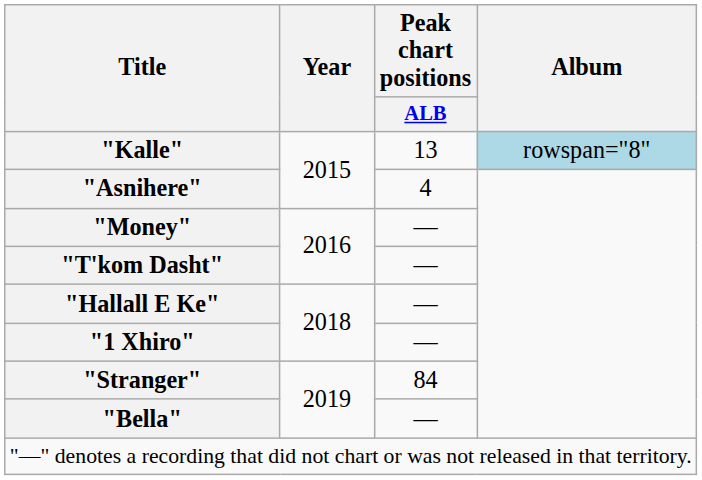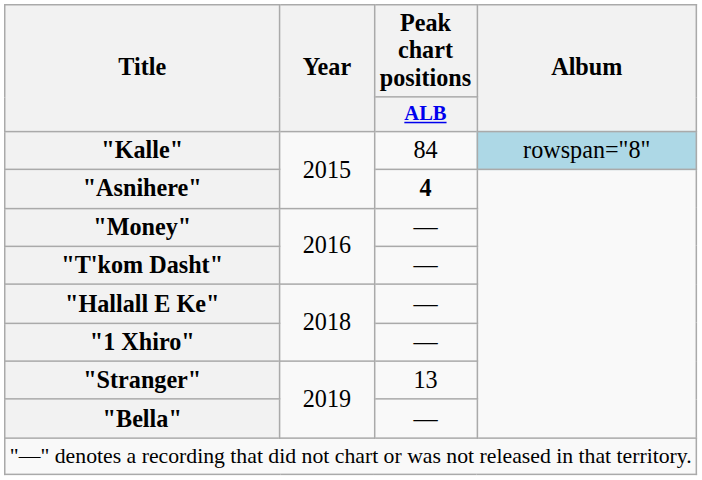 <table class="wikitable plainrowheaders" style="text-align:center;">
 <tr>
 <th scope="col" rowspan="2">Title</th>
 <th scope="col" rowspan="2">Year</th>
 <th scope="col" colspan="1">Peak<br>chart positions</th>
 <th scope="col" rowspan="2">Album</th>
 </tr>
 <tr>
 <th scope="col" style="width:3em; font-size:85%;"><a href='#'>ALB</a><br></th>
 </tr>
 <tr>
 <th scope="row">"Kalle"<br></th>
 <td rowspan="2">2015</td>
-<td>13</td>
+<td>84</td>
 <td style="background: lightblue;">rowspan="8" </td>
 </tr>
 <tr>
 <th scope="row">"Asnihere"<br></th>
-<td>4</td>
+<td><strong>4</strong></td>
 </tr>
 <tr>
 <th scope="row">"Money"<br></th>
 <td rowspan="2">2016</td>
 <td>—</td>
 </tr>
 <tr>
 <th scope="row">"T'kom Dasht"<br></th>
 <td>—</td>
 </tr>
 <tr>
 <th scope="row">"Hallall E Ke"<br></th>
 <td rowspan="2">2018</td>
 <td>—</td>
 </tr>
 <tr>
 <th scope="row">"1 Xhiro"<br></th>
 <td>—</td>
 </tr>
 <tr>
 <th scope="row">"Stranger"<br></th>
 <td rowspan="2">2019</td>
-<td>84</td>
+<td>13</td>
 </tr>
 <tr>
 <th scope="row">"Bella"<br></th>
 <td>—</td>
 </tr>
 <tr>
 <td colspan="11" style="font-size:90%">"—" denotes a recording that did not chart or was not released in that territory.</td>
 </tr>
 </table>
